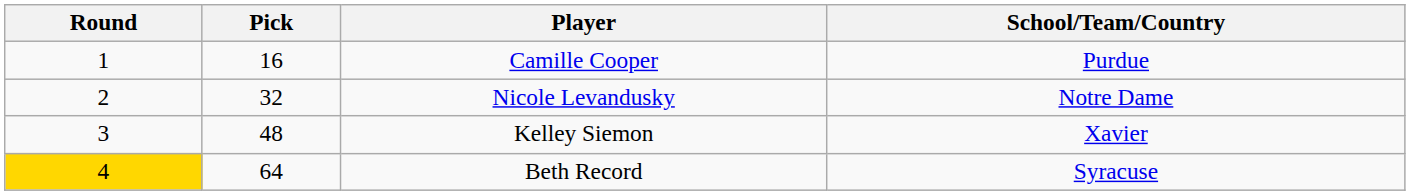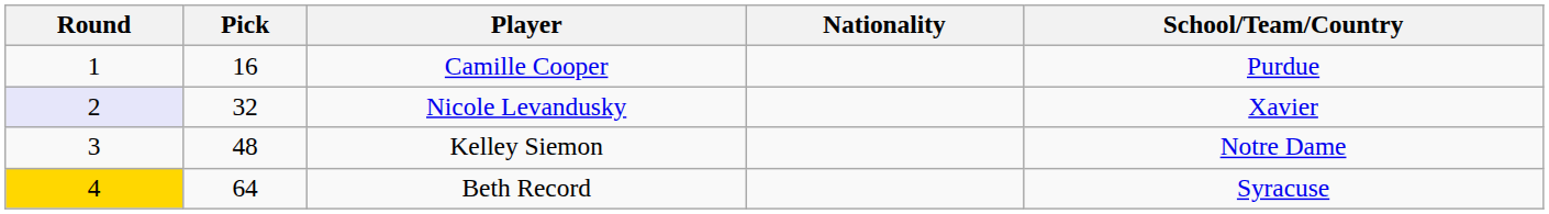 <table class="wikitable" style="text-align:center; width:60em">
 <tr>
 <th>Round</th>
 <th>Pick</th>
 <th>Player</th>
+<th>Nationality</th>
 <th>School/Team/Country</th>
 </tr>
 <tr>
 <td>1</td>
 <td>16</td>
 <td><a href='#'>Camille Cooper</a></td>
+<td></td>
 <td><a href='#'>Purdue</a></td>
 </tr>
 <tr>
-<td>2</td>
+<td style="background: lavender;">2</td>
 <td>32</td>
 <td><a href='#'>Nicole Levandusky</a></td>
-<td><a href='#'>Notre Dame</a></td>
+<td></td>
+<td><a href='#'>Xavier</a></td>
 </tr>
 <tr>
 <td>3</td>
 <td>48</td>
 <td>Kelley Siemon</td>
-<td><a href='#'>Xavier</a></td>
+<td></td>
+<td><a href='#'>Notre Dame</a></td>
 </tr>
 <tr>
 <td style="background: gold;">4</td>
 <td>64</td>
 <td>Beth Record</td>
+<td></td>
 <td><a href='#'>Syracuse</a></td>
 </tr>
 </table>
